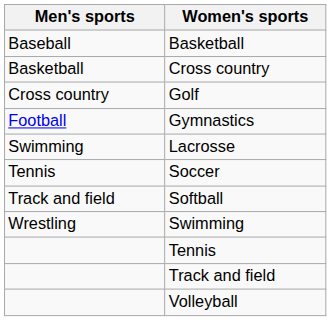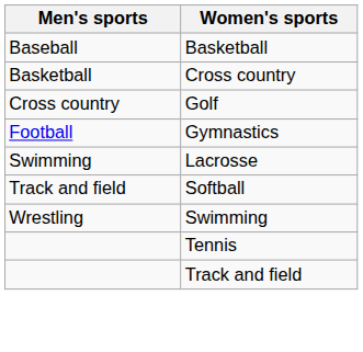 <table class= wikitable>
 <tr>
 <th width=150px>Men's sports</th>
 <th width=150px>Women's sports</th>
 </tr>
 <tr>
 <td>Baseball</td>
 <td>Basketball</td>
 </tr>
 <tr>
 <td>Basketball</td>
 <td>Cross country</td>
 </tr>
 <tr>
 <td>Cross country</td>
 <td>Golf</td>
 </tr>
 <tr>
 <td><a href='#'>Football</a></td>
 <td>Gymnastics</td>
 </tr>
 <tr>
 <td>Swimming</td>
 <td>Lacrosse</td>
 </tr>
 <tr>
-<td>Tennis</td>
-<td>Soccer</td>
-</tr>
-<tr>
 <td>Track and field</td>
 <td>Softball</td>
 </tr>
 <tr>
 <td>Wrestling</td>
 <td>Swimming</td>
 </tr>
 <tr>
 <td></td>
 <td>Tennis</td>
 </tr>
 <tr>
 <td></td>
 <td>Track and field</td>
 </tr>
-<tr>
-<td></td>
-<td>Volleyball</td>
-</tr>
 </table>
